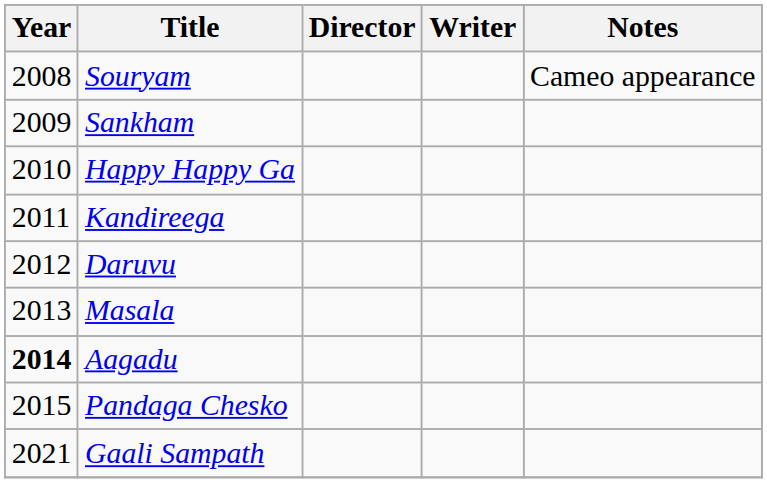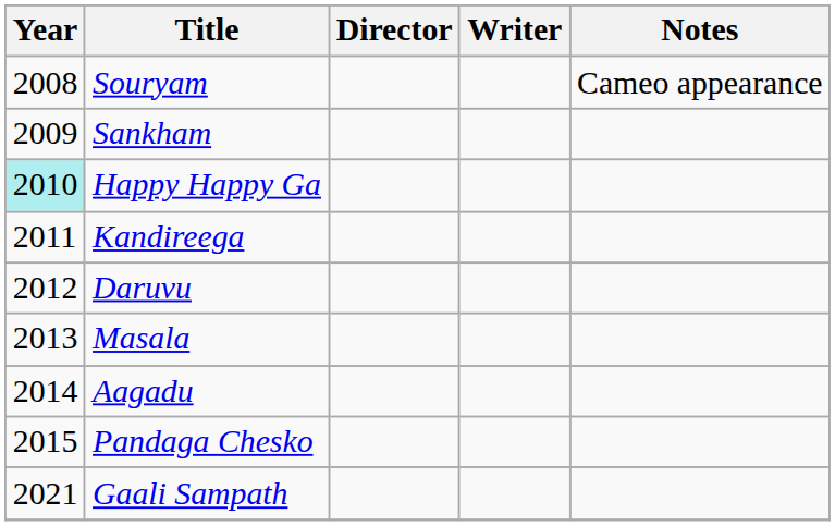 <table class="wikitable sortable">
 <tr style="text-align:center;">
 <th>Year</th>
 <th>Title</th>
 <th>Director</th>
 <th>Writer</th>
 <th>Notes</th>
 </tr>
 <tr>
 <td>2008</td>
 <td><em><a href='#'>Souryam</a></em></td>
 <td></td>
 <td></td>
 <td>Cameo appearance</td>
 </tr>
 <tr>
 <td>2009</td>
 <td><em><a href='#'>Sankham</a></em></td>
 <td></td>
 <td></td>
 <td></td>
 </tr>
 <tr>
-<td>2010</td>
+<td style="background: paleturquoise;">2010</td>
 <td><em><a href='#'>Happy Happy Ga</a></em></td>
 <td></td>
 <td></td>
 <td></td>
 </tr>
 <tr>
 <td>2011</td>
 <td><em><a href='#'>Kandireega</a></em></td>
 <td></td>
 <td></td>
 <td></td>
 </tr>
 <tr>
 <td>2012</td>
 <td><em><a href='#'>Daruvu</a></em></td>
 <td></td>
 <td></td>
 <td></td>
 </tr>
 <tr>
 <td>2013</td>
 <td><em><a href='#'>Masala</a></em></td>
 <td></td>
 <td></td>
 <td></td>
 </tr>
 <tr>
-<td><strong>2014</strong></td>
+<td>2014</td>
 <td><em><a href='#'>Aagadu</a></em></td>
 <td></td>
 <td></td>
 <td></td>
 </tr>
 <tr>
 <td>2015</td>
 <td><em><a href='#'>Pandaga Chesko</a></em></td>
 <td></td>
 <td></td>
 <td></td>
 </tr>
 <tr>
 <td>2021</td>
 <td><em><a href='#'>Gaali Sampath</a></em></td>
 <td></td>
 <td></td>
 <td></td>
 </tr>
 <tr>
 </tr>
 </table>
